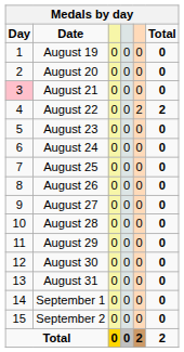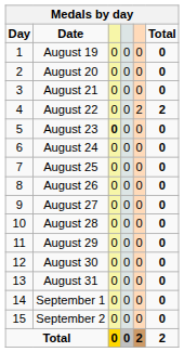 <table class=wikitable style="font-size:85%; float:right;text-align:center">
 <tr>
 <th colspan=7>Medals by day</th>
 </tr>
 <tr>
 <td><strong>Day</strong></td>
 <td><strong>Date</strong></td>
 <td bgcolor=F7F6A8></td>
 <td bgcolor=DCE5E5></td>
 <td bgcolor=FFDAB9></td>
 <td><strong>Total</strong></td>
 </tr>
 <tr>
 <td>1</td>
 <td>August 19</td>
 <td bgcolor=F7F6A8>0</td>
 <td bgcolor=DCE5E5>0</td>
 <td bgcolor=FFDAB9>0</td>
 <td><strong>0</strong></td>
 </tr>
 <tr>
 <td>2</td>
 <td>August 20</td>
 <td bgcolor=F7F6A8>0</td>
 <td bgcolor=DCE5E5>0</td>
 <td bgcolor=FFDAB9>0</td>
 <td><strong>0</strong></td>
 </tr>
 <tr>
-<td style="background: pink;">3</td>
+<td>3</td>
 <td>August 21</td>
 <td bgcolor=F7F6A8>0</td>
 <td bgcolor=DCE5E5>0</td>
 <td bgcolor=FFDAB9>0</td>
 <td><strong>0</strong></td>
 </tr>
 <tr>
 <td>4</td>
 <td>August 22</td>
 <td bgcolor=F7F6A8>0</td>
 <td bgcolor=DCE5E5>0</td>
 <td bgcolor=FFDAB9>2</td>
 <td><strong>2</strong></td>
 </tr>
 <tr>
 <td>5</td>
 <td>August 23</td>
-<td bgcolor=F7F6A8>0</td>
+<td bgcolor=F7F6A8><strong>0</strong></td>
 <td bgcolor=DCE5E5>0</td>
 <td bgcolor=FFDAB9>0</td>
 <td><strong>0</strong></td>
 </tr>
 <tr>
 <td>6</td>
 <td>August 24</td>
 <td bgcolor=F7F6A8>0</td>
 <td bgcolor=DCE5E5>0</td>
 <td bgcolor=FFDAB9>0</td>
 <td><strong>0</strong></td>
 </tr>
 <tr>
 <td>7</td>
 <td>August 25</td>
 <td bgcolor=F7F6A8>0</td>
 <td bgcolor=DCE5E5>0</td>
 <td bgcolor=FFDAB9>0</td>
 <td><strong>0</strong></td>
 </tr>
 <tr>
 <td>8</td>
 <td>August 26</td>
 <td bgcolor=F7F6A8>0</td>
 <td bgcolor=DCE5E5>0</td>
 <td bgcolor=FFDAB9>0</td>
 <td><strong>0</strong></td>
 </tr>
 <tr>
 <td>9</td>
 <td>August 27</td>
 <td bgcolor=F7F6A8>0</td>
 <td bgcolor=DCE5E5>0</td>
 <td bgcolor=FFDAB9>0</td>
 <td><strong>0</strong></td>
 </tr>
 <tr>
 <td>10</td>
 <td>August 28</td>
 <td bgcolor=F7F6A8>0</td>
 <td bgcolor=DCE5E5>0</td>
 <td bgcolor=FFDAB9>0</td>
 <td><strong>0</strong></td>
 </tr>
 <tr>
 <td>11</td>
 <td>August 29</td>
 <td bgcolor=F7F6A8>0</td>
 <td bgcolor=DCE5E5>0</td>
 <td bgcolor=FFDAB9>0</td>
 <td><strong>0</strong></td>
 </tr>
 <tr>
 <td>12</td>
 <td>August 30</td>
 <td bgcolor=F7F6A8>0</td>
 <td bgcolor=DCE5E5>0</td>
 <td bgcolor=FFDAB9>0</td>
 <td><strong>0</strong></td>
 </tr>
 <tr>
 <td>13</td>
 <td>August 31</td>
 <td bgcolor=F7F6A8>0</td>
 <td bgcolor=DCE5E5>0</td>
 <td bgcolor=FFDAB9>0</td>
 <td><strong>0</strong></td>
 </tr>
 <tr>
 <td>14</td>
 <td>September 1</td>
 <td bgcolor=F7F6A8>0</td>
 <td bgcolor=DCE5E5>0</td>
 <td bgcolor=FFDAB9>0</td>
 <td><strong>0</strong></td>
 </tr>
 <tr>
 <td>15</td>
 <td>September 2</td>
 <td bgcolor=F7F6A8>0</td>
 <td bgcolor=DCE5E5>0</td>
 <td bgcolor=FFDAB9>0</td>
 <td><strong>0</strong></td>
 </tr>
 <tr>
 <td colspan=2><strong>Total</strong></td>
 <td style="background:gold;"><strong>0</strong></td>
 <td style="background:silver;"><strong>0</strong></td>
 <td style="background:#c96;"><strong>2</strong></td>
 <td><strong>2</strong></td>
 </tr>
 </table>
